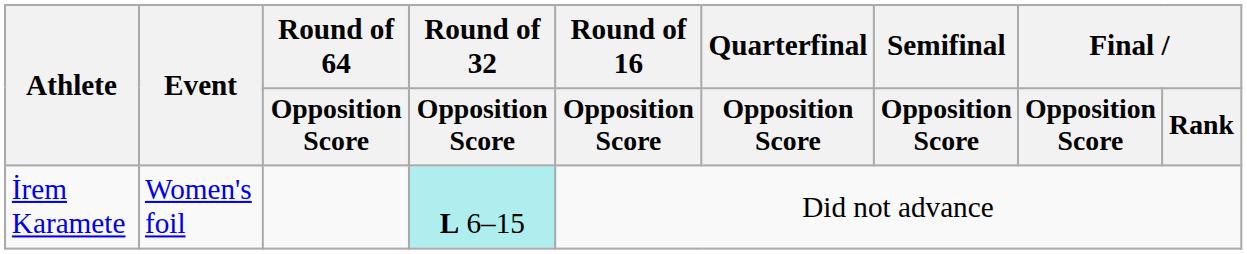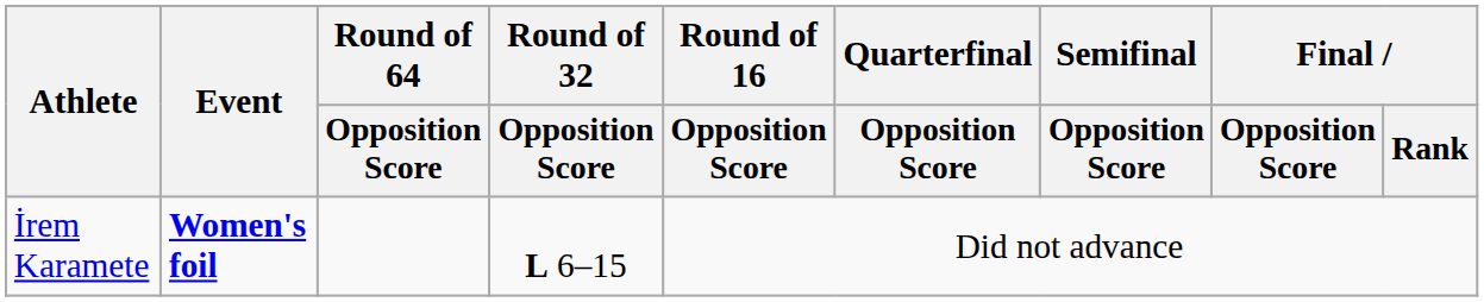 <table class="wikitable" style="font-size:90%">
 <tr>
 <th rowspan=2>Athlete</th>
 <th rowspan=2>Event</th>
 <th>Round of 64</th>
 <th>Round of 32</th>
 <th>Round of 16</th>
 <th>Quarterfinal</th>
 <th>Semifinal</th>
 <th colspan=2>Final / </th>
 </tr>
 <tr style="font-size:95%">
 <th>Opposition<br>Score</th>
 <th>Opposition<br>Score</th>
 <th>Opposition<br>Score</th>
 <th>Opposition<br>Score</th>
 <th>Opposition<br>Score</th>
 <th>Opposition<br>Score</th>
 <th>Rank</th>
 </tr>
 <tr align=center>
 <td align=left><a href='#'>İrem Karamete</a></td>
-<td align=left><a href='#'>Women's foil</a></td>
+<td align=left><strong><a href='#'>Women's foil</a></strong></td>
 <td></td>
-<td style="background: paleturquoise;"><br><strong>L</strong> 6–15</td>
+<td><br><strong>L</strong> 6–15</td>
 <td colspan=5>Did not advance</td>
 </tr>
 </table>
